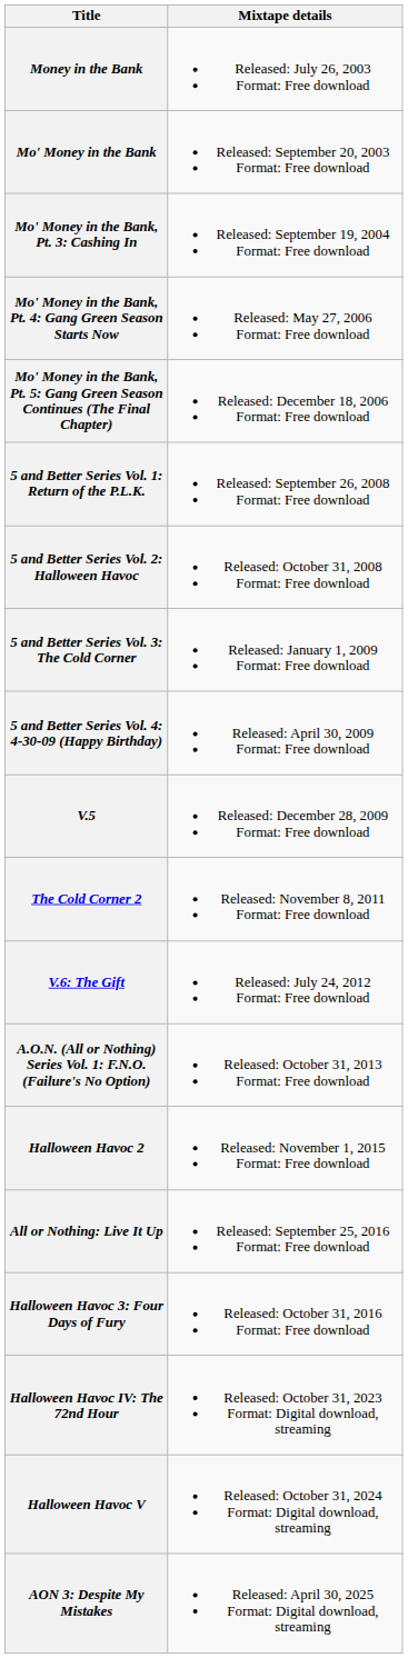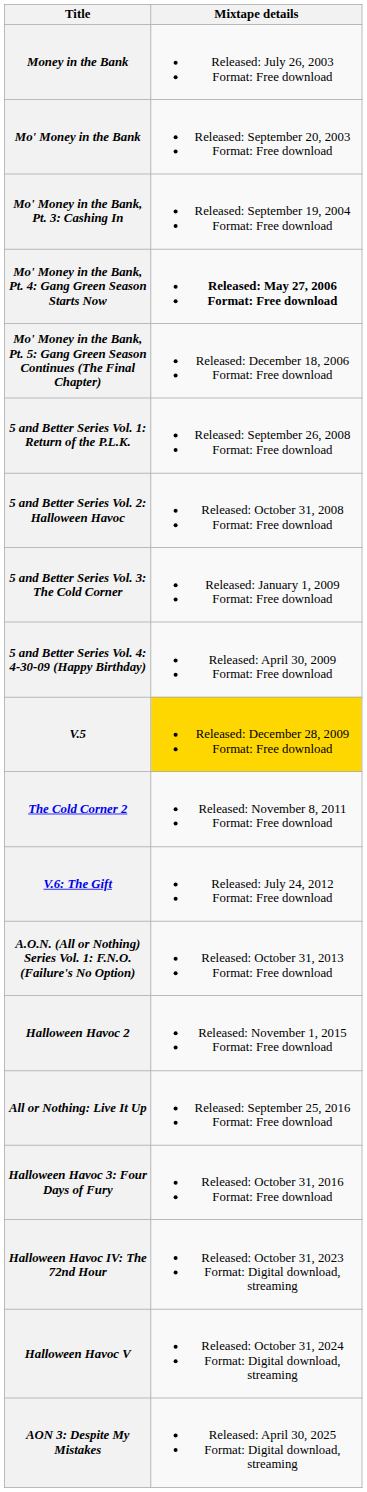 <table class="wikitable plainrowheaders" style="text-align:center;">
 <tr>
 <th scope="col" style="width:11em;">Title</th>
 <th scope="col" style="width:16em;">Mixtape details</th>
 </tr>
 <tr>
 <th scope="row"><em>Money in the Bank</em></th>
 <td><br><ul><li>Released: July 26, 2003</li><li>Format: Free download</li></ul></td>
 </tr>
 <tr>
 <th scope="row"><em>Mo' Money in the Bank</em></th>
 <td><br><ul><li>Released: September 20, 2003</li><li>Format: Free download</li></ul></td>
 </tr>
 <tr>
 <th scope="row"><em>Mo' Money in the Bank, Pt. 3: Cashing In</em></th>
 <td><br><ul><li>Released: September 19, 2004</li><li>Format: Free download</li></ul></td>
 </tr>
 <tr>
 <th scope="row"><em>Mo' Money in the Bank, Pt. 4: Gang Green Season Starts Now</em></th>
-<td><br><ul><li>Released: May 27, 2006</li><li>Format: Free download</li></ul></td>
+<td><strong><br><ul><li>Released: May 27, 2006</li><li>Format: Free download</li></ul></strong></td>
 </tr>
 <tr>
 <th scope="row"><em>Mo' Money in the Bank, Pt. 5: Gang Green Season Continues (The Final Chapter)</em></th>
 <td><br><ul><li>Released: December 18, 2006</li><li>Format: Free download</li></ul></td>
 </tr>
 <tr>
 <th scope="row"><em>5 and Better Series Vol. 1: Return of the P.L.K.</em></th>
 <td><br><ul><li>Released: September 26, 2008</li><li>Format: Free download</li></ul></td>
 </tr>
 <tr>
 <th scope="row"><em>5 and Better Series Vol. 2: Halloween Havoc</em></th>
 <td><br><ul><li>Released: October 31, 2008</li><li>Format: Free download</li></ul></td>
 </tr>
 <tr>
 <th scope="row"><em>5 and Better Series Vol. 3: The Cold Corner</em></th>
 <td><br><ul><li>Released: January 1, 2009</li><li>Format: Free download</li></ul></td>
 </tr>
 <tr>
 <th scope="row"><em>5 and Better Series Vol. 4: 4-30-09 (Happy Birthday)</em></th>
 <td><br><ul><li>Released: April 30, 2009</li><li>Format: Free download</li></ul></td>
 </tr>
 <tr>
 <th scope="row"><em>V.5</em></th>
-<td><br><ul><li>Released: December 28, 2009</li><li>Format: Free download</li></ul></td>
+<td style="background: gold;"><br><ul><li>Released: December 28, 2009</li><li>Format: Free download</li></ul></td>
 </tr>
 <tr>
 <th scope="row"><em><a href='#'>The Cold Corner 2</a></em></th>
 <td><br><ul><li>Released: November 8, 2011</li><li>Format: Free download</li></ul></td>
 </tr>
 <tr>
 <th scope="row"><em><a href='#'>V.6: The Gift</a></em></th>
 <td><br><ul><li>Released: July 24, 2012</li><li>Format: Free download</li></ul></td>
 </tr>
 <tr>
 <th scope="row"><em>A.O.N. (All or Nothing) Series Vol. 1: F.N.O. (Failure's No Option)</em></th>
 <td><br><ul><li>Released: October 31, 2013</li><li>Format: Free download</li></ul></td>
 </tr>
 <tr>
 <th scope="row"><em>Halloween Havoc 2</em></th>
 <td><br><ul><li>Released: November 1, 2015</li><li>Format: Free download</li></ul></td>
 </tr>
 <tr>
 <th scope="row"><em>All or Nothing: Live It Up</em></th>
 <td><br><ul><li>Released: September 25, 2016</li><li>Format: Free download</li></ul></td>
 </tr>
 <tr>
 <th scope="row"><em>Halloween Havoc 3: Four Days of Fury</em></th>
 <td><br><ul><li>Released: October 31, 2016</li><li>Format: Free download</li></ul></td>
 </tr>
 <tr>
 <th scope="row"><em>Halloween Havoc IV: The 72nd Hour</em></th>
 <td><br><ul><li>Released: October 31, 2023</li><li>Format: Digital download, streaming</li></ul></td>
 </tr>
 <tr>
 <th scope="row"><em>Halloween Havoc V</em></th>
 <td><br><ul><li>Released: October 31, 2024</li><li>Format: Digital download, streaming</li></ul></td>
 </tr>
 <tr>
 <th scope= "row"><em>AON 3: Despite My Mistakes</em></th>
 <td><br><ul><li>Released: April 30, 2025</li><li>Format: Digital download, streaming</li></ul></td>
 </tr>
 </table>
